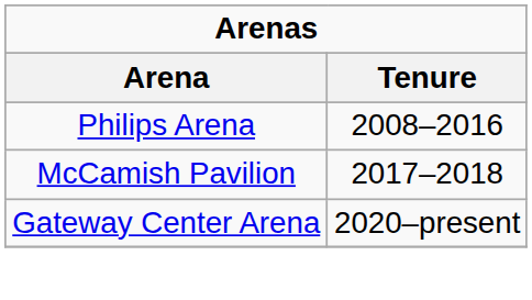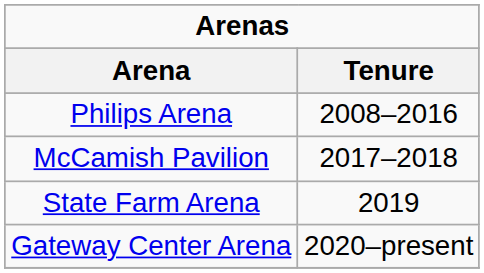 <table class="wikitable sortable" style="text-align:center">
 <tr>
 <td colspan="2"><strong>Arenas</strong></td>
 </tr>
 <tr>
 <th style="width:auto; ">Arena</th>
 <th style="width:auto; ">Tenure</th>
 </tr>
 <tr>
 <td><a href='#'>Philips Arena</a></td>
 <td>2008–2016</td>
 </tr>
 <tr>
 <td><a href='#'>McCamish Pavilion</a></td>
 <td>2017–2018</td>
 </tr>
 <tr>
+<td><a href='#'>State Farm Arena</a></td>
+<td>2019</td>
+</tr>
+<tr>
 <td><a href='#'>Gateway Center Arena</a></td>
 <td>2020–present</td>
 </tr>
 <tr>
 </tr>
 </table>
